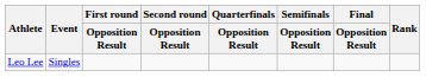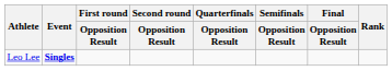 <table class="wikitable" style="font-size:90%">
 <tr>
 <th rowspan="2">Athlete</th>
 <th rowspan="2">Event</th>
 <th>First round</th>
 <th>Second round</th>
 <th>Quarterfinals</th>
 <th>Semifinals</th>
 <th>Final</th>
 <th rowspan="2">Rank</th>
 </tr>
 <tr>
 <th>Opposition<br>Result</th>
 <th>Opposition<br>Result</th>
 <th>Opposition<br>Result</th>
 <th>Opposition<br>Result</th>
 <th>Opposition<br>Result</th>
 </tr>
 <tr align=center>
 <td align=left><a href='#'>Leo Lee</a></td>
-<td align=left><a href='#'>Singles</a></td>
+<td align=left><strong><a href='#'>Singles</a></strong></td>
 <td></td>
 <td></td>
 <td></td>
 <td></td>
 <td></td>
 <td></td>
 </tr>
 </table>
